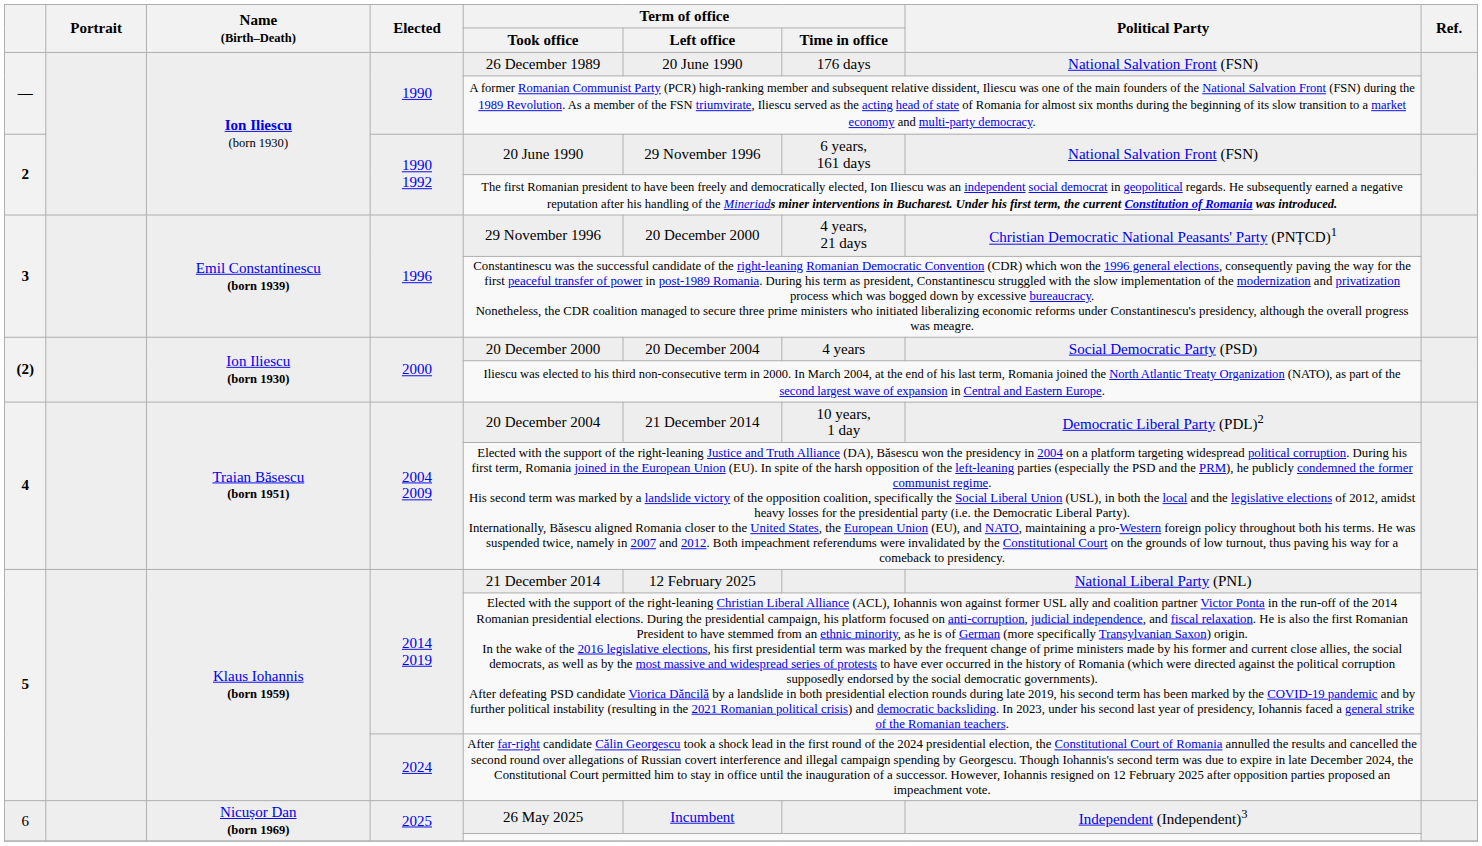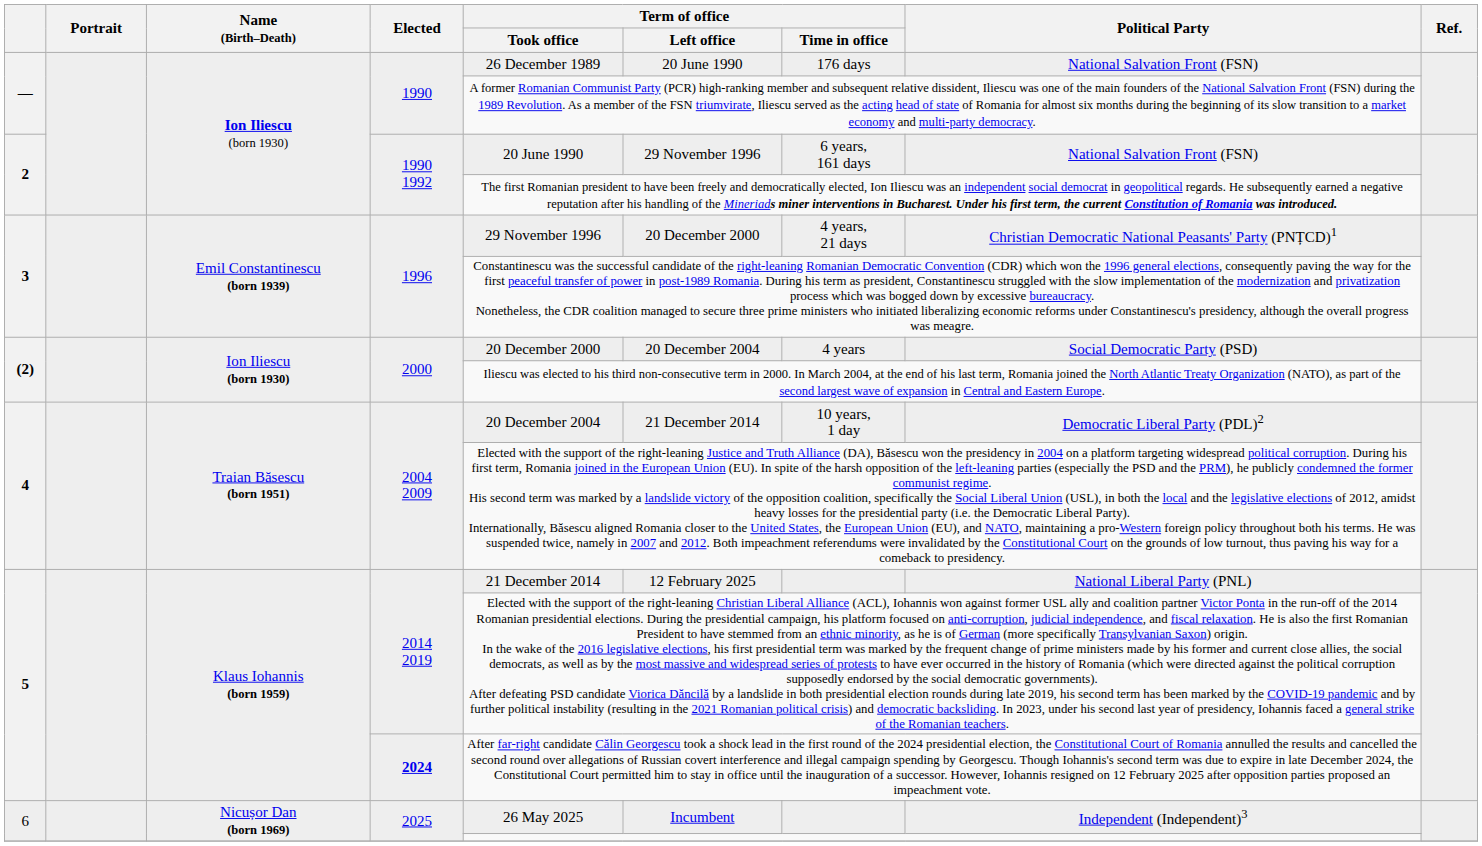 <table class=wikitable style=text-align:center>
 <tr>
 <th rowspan="2"></th>
 <th rowspan="2">Portrait</th>
 <th rowspan="2">Name<br><small>(Birth–Death)</small></th>
 <th rowspan="2">Elected</th>
 <th colspan="3" width="30%">Term of office</th>
 <th rowspan="2" width="35%">Political Party</th>
 <th rowspan="2">Ref.</th>
 </tr>
 <tr>
 <th>Took office</th>
 <th>Left office</th>
 <th>Time in office</th>
 </tr>
 <tr bgcolor="#EEEEEE">
 <th bgcolor="#EEEEEE" rowspan="2" style="background:">—</th>
 <td bgcolor="#EEEEEE" rowspan="4"></td>
 <td bgcolor="#EEEEEE" rowspan="4"><strong><a href='#'>Ion Iliescu</a></strong><br><small>(born 1930)</small></td>
 <td rowspan="2"><a href='#'>1990</a></td>
 <td>26 December 1989</td>
 <td>20 June 1990</td>
 <td>176 days</td>
 <td><a href='#'>National Salvation Front</a> (FSN)</td>
 <td rowspan="2"></td>
 </tr>
 <tr>
 <td colspan="4"><small>A former <a href='#'>Romanian Communist Party</a> (PCR) high-ranking member and subsequent relative dissident, Iliescu was one of the main founders of the <a href='#'>National Salvation Front</a> (FSN) during the <a href='#'>1989 Revolution</a>. As a member of the FSN <a href='#'>triumvirate</a>, Iliescu served as the <a href='#'>acting</a> <a href='#'>head of state</a> of Romania for almost six months during the beginning of its slow transition to a <a href='#'>market economy</a> and <a href='#'>multi-party democracy</a>.</small></td>
 </tr>
 <tr bgcolor="#EEEEEE">
 <th rowspan="2" style="background:">2</th>
 <td rowspan="2"><a href='#'>1990</a> <br><a href='#'>1992</a></td>
 <td>20 June 1990</td>
 <td>29 November 1996</td>
 <td>6 years,<br>161 days</td>
 <td><a href='#'>National Salvation Front</a> (FSN)</td>
 <td rowspan="2"></td>
 </tr>
 <tr>
 <td colspan="4"><small>The first Romanian president to have been freely and democratically elected, Ion Iliescu was an <a href='#'>independent</a> <a href='#'>social democrat</a> in <a href='#'>geopolitical</a> regards. He subsequently earned a negative reputation after his handling of the <em><a href='#'>Mineriad</a><strong>s miner interventions in Bucharest. Under his first term, the current <a href='#'>Constitution of Romania</a> was introduced.</small></td>
 </tr>
 <tr bgcolor=#EEEEEE>
 <th rowspan="2" style="background:">3</th>
 <td rowspan="2"></td>
 <td rowspan="2"></strong><a href='#'>Emil Constantinescu</a><strong><br><small>(born 1939)</small></td>
 <td rowspan="2"><a href='#'>1996</a></td>
 <td>29 November 1996</td>
 <td>20 December 2000</td>
 <td>4 years,<br>21 days</td>
 <td><a href='#'>Christian Democratic National Peasants' Party</a> (PNȚCD)<sup>1</sup></td>
 <td rowspan="2"></td>
 </tr>
 <tr>
 <td colspan="4" style="font-size:85%;">Constantinescu was the successful candidate of the <a href='#'>right-leaning</a> <a href='#'>Romanian Democratic Convention</a> (CDR) which won the <a href='#'>1996 general elections</a>, consequently paving the way for the first <a href='#'>peaceful transfer of power</a> in <a href='#'>post-1989 Romania</a>. During his term as president, Constantinescu struggled with the slow implementation of the <a href='#'>modernization</a> and <a href='#'>privatization</a> process which was bogged down by excessive <a href='#'>bureaucracy</a>.<br>Nonetheless, the CDR coalition managed to secure three prime ministers who initiated liberalizing economic reforms under Constantinescu's presidency, although the overall progress was meagre.</td>
 </tr>
 <tr bgcolor="#EEEEEE">
 <th rowspan="2" style="background:">(2)</th>
 <td rowspan="2"></td>
 <td rowspan="2"></strong><a href='#'>Ion Iliescu</a><strong><br><small>(born 1930)</small></td>
 <td rowspan="2"><a href='#'>2000</a></td>
 <td>20 December 2000</td>
 <td>20 December 2004</td>
 <td>4 years</td>
 <td><a href='#'>Social Democratic Party</a> (PSD)</td>
 <td rowspan="2"></td>
 </tr>
 <tr>
 <td colspan="4"><small>Iliescu was elected to his third non-consecutive term in 2000. In March 2004, at the end of his last term, Romania joined the <a href='#'>North Atlantic Treaty Organization</a> (NATO), as part of the <a href='#'>second largest wave of expansion</a> in <a href='#'>Central and Eastern Europe</a>.</small></td>
 </tr>
 <tr bgcolor="#EEEEEE">
 <th rowspan="2" style="background:">4</th>
 <td rowspan="2"></td>
 <td rowspan="2"></strong><a href='#'>Traian Băsescu</a><strong><br><small>(born 1951)</small></td>
 <td rowspan="2"><a href='#'>2004</a> <br><a href='#'>2009</a></td>
 <td>20 December 2004</td>
 <td>21 December 2014</td>
 <td>10 years,<br>1 day</td>
 <td><a href='#'>Democratic Liberal Party</a> (PDL)<sup>2</sup></td>
 <td rowspan="2"></td>
 </tr>
 <tr>
 <td colspan="4" style="font-size:85%;">Elected with the support of the right-leaning <a href='#'>Justice and Truth Alliance</a> (DA), Băsescu won the presidency in <a href='#'>2004</a> on a platform targeting widespread <a href='#'>political corruption</a>. During his first term, Romania <a href='#'>joined in the European Union</a> (EU). In spite of the harsh opposition of the <a href='#'>left-leaning</a> parties (especially the PSD and the <a href='#'>PRM</a>), he publicly <a href='#'>condemned the former communist regime</a>.<br>His second term was marked by a <a href='#'>landslide victory</a> of the opposition coalition, specifically the <a href='#'>Social Liberal Union</a> (USL), in both the <a href='#'>local</a> and the <a href='#'>legislative elections</a> of 2012, amidst heavy losses for the presidential party (i.e. the Democratic Liberal Party).<br>Internationally, Băsescu aligned Romania closer to the <a href='#'>United States</a>, the <a href='#'>European Union</a> (EU), and <a href='#'>NATO</a>, maintaining a pro-<a href='#'>Western</a> foreign policy throughout both his terms. He was suspended twice, namely in <a href='#'>2007</a> and <a href='#'>2012</a>. Both impeachment referendums were invalidated by the <a href='#'>Constitutional Court</a> on the grounds of low turnout, thus paving his way for a comeback to presidency.</td>
 </tr>
 <tr bgcolor="#EEEEEE">
 <th rowspan=3 style="background:">5</th>
 <td rowspan=3></td>
 <td rowspan=3></strong><a href='#'>Klaus Iohannis</a><strong><br><small>(born 1959)</small></td>
 <td rowspan=2><a href='#'>2014</a><br> <a href='#'>2019</a></td>
 <td>21 December 2014</td>
 <td>12 February 2025</td>
 <td></td>
 <td><a href='#'>National Liberal Party</a> (PNL)</td>
 <td rowspan=3></td>
 </tr>
 <tr>
 <td colspan="4" style="font-size:85%;">Elected with the support of the right-leaning <a href='#'>Christian Liberal Alliance</a> (ACL), Iohannis won against former USL ally and coalition partner <a href='#'>Victor Ponta</a> in the run-off of the 2014 Romanian presidential elections. During the presidential campaign, his platform focused on <a href='#'>anti-corruption</a>, <a href='#'>judicial independence</a>, and <a href='#'>fiscal relaxation</a>. He is also the first Romanian President to have stemmed from an <a href='#'>ethnic minority</a>, as he is of <a href='#'>German</a> (more specifically <a href='#'>Transylvanian Saxon</a>) origin.<br>In the wake of the <a href='#'>2016 legislative elections</a>, his first presidential term was marked by the frequent change of prime ministers made by his former and current close allies, the social democrats, as well as by the <a href='#'>most massive and widespread series of protests</a> to have ever occurred in the history of Romania (which were directed against the political corruption supposedly endorsed by the social democratic governments).<br>After defeating PSD candidate <a href='#'>Viorica Dăncilă</a> by a landslide in both presidential election rounds during late 2019, his second term has been marked by the <a href='#'>COVID-19 pandemic</a> and by further political instability (resulting in the <a href='#'>2021 Romanian political crisis</a>) and <a href='#'>democratic backsliding</a>. In 2023, under his second last year of presidency, Iohannis faced a <a href='#'>general strike of the Romanian teachers</a>.</td>
 </tr>
 <tr>
-<td bgcolor="#EEEEEE"></em><a href='#'>2024</a><em></td>
+<td bgcolor="#EEEEEE"><strong></em><a href='#'>2024</a><em></strong></td>
 <td colspan="4" style="font-size:85%;">After <a href='#'>far-right</a> candidate <a href='#'>Călin Georgescu</a> took a shock lead in the first round of the 2024 presidential election, the <a href='#'>Constitutional Court of Romania</a> annulled the results and cancelled the second round over allegations of Russian covert interference and illegal campaign spending by Georgescu. Though Iohannis's second term was due to expire in late December 2024, the Constitutional Court permitted him to stay in office until the inauguration of a successor.  However, Iohannis resigned on 12 February 2025 after opposition parties proposed an impeachment vote.</td>
 </tr>
 <tr bgcolor="#EEEEEE">
 <td rowspan="2" style="background:"></strong>6<strong></td>
 <td rowspan="2"></td>
 <td rowspan="2"></strong><a href='#'>Nicușor Dan</a><strong><br><small>(born 1969)</small></td>
 <td rowspan="2"><a href='#'>2025</a></td>
 <td>26 May 2025</td>
 <td></em><a href='#'>Incumbent</a><em></td>
 <td></td>
 <td><a href='#'>Independent</a> (Independent)<sup>3</sup></td>
 <td rowspan=2></td>
 </tr>
 <tr>
 <td colspan="4"></td>
 </tr>
 <tr>
 </tr>
 </table>
